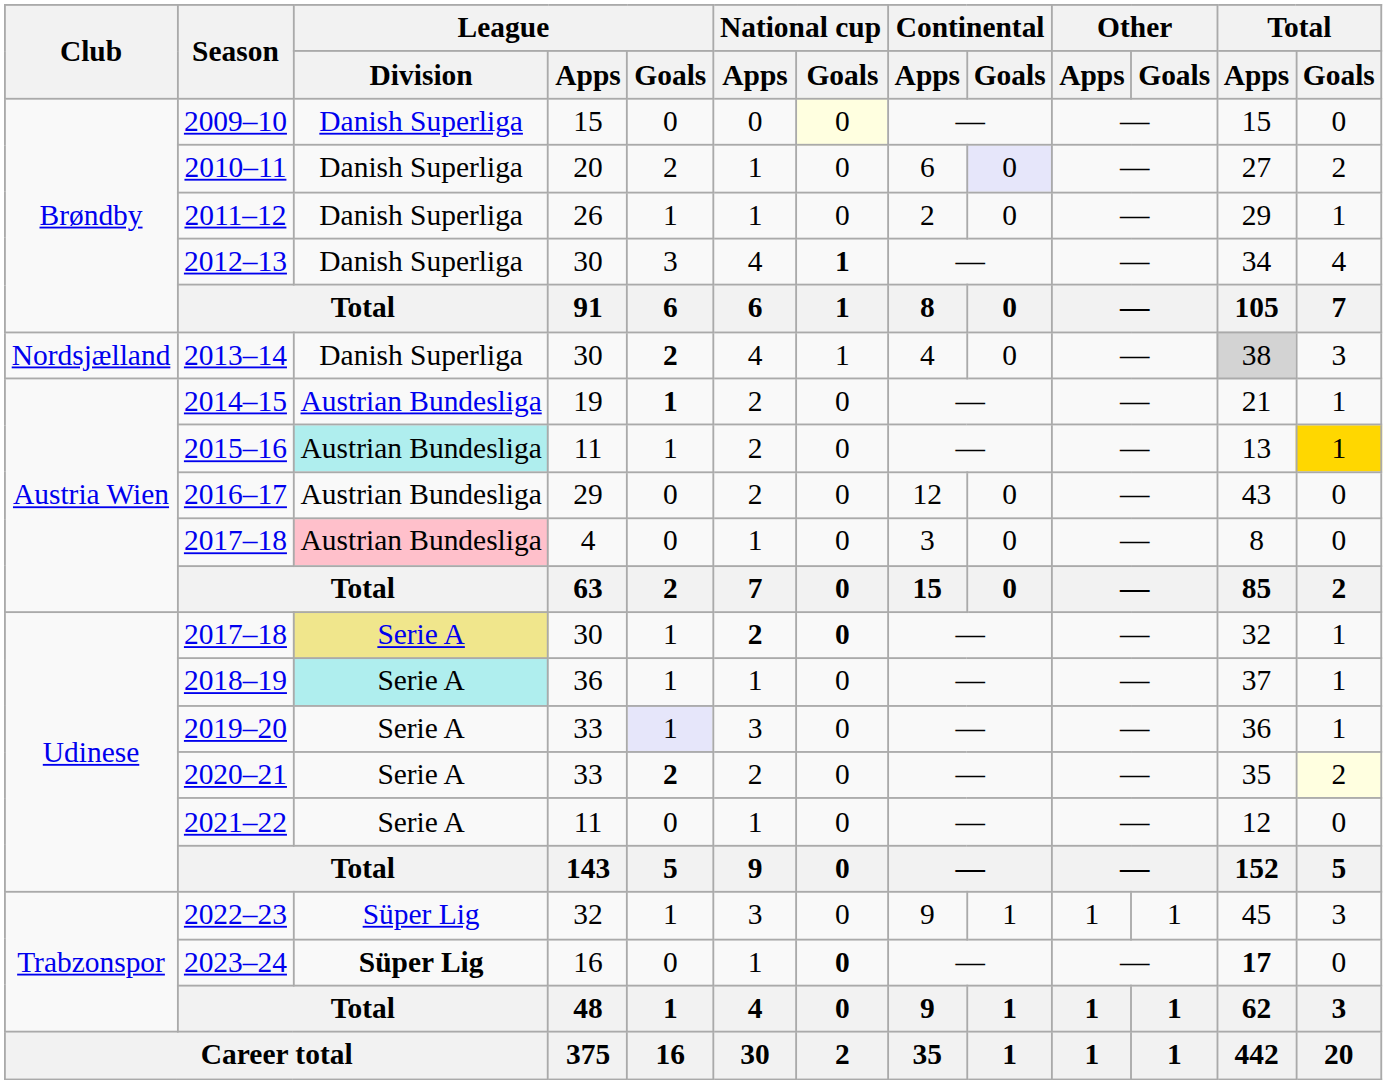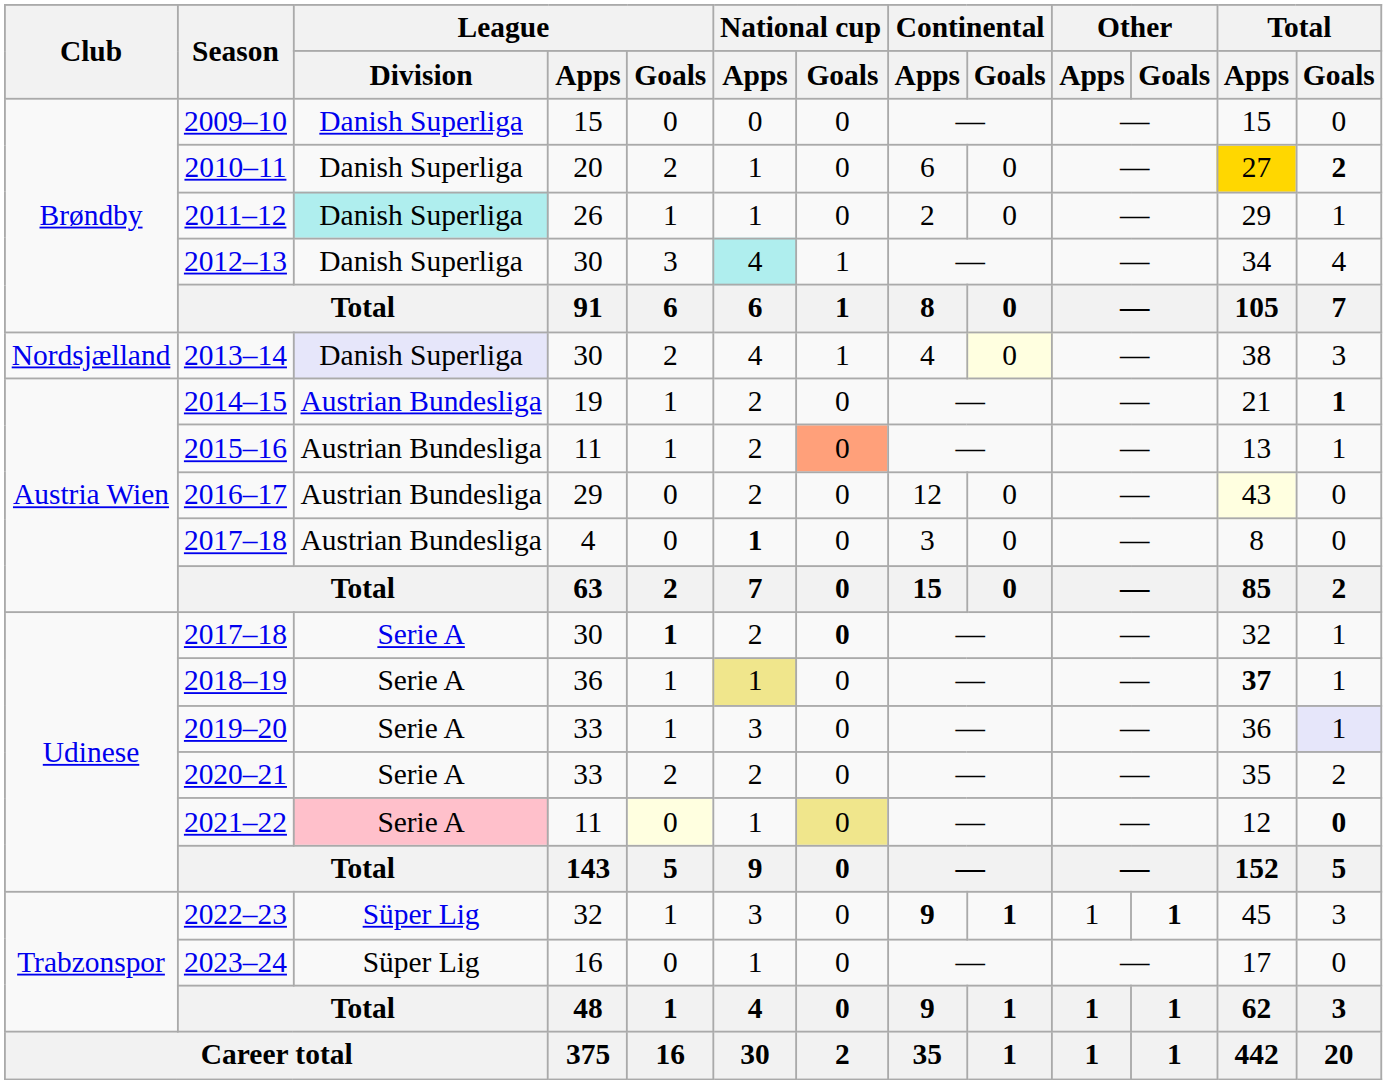 <table class="wikitable" style="text-align: center;">
 <tr>
 <th rowspan="2">Club</th>
 <th rowspan="2">Season</th>
 <th colspan="3">League</th>
 <th colspan="2">National cup</th>
 <th colspan="2">Continental</th>
 <th colspan="2">Other</th>
 <th colspan="2">Total</th>
 </tr>
 <tr>
 <th>Division</th>
 <th>Apps</th>
 <th>Goals</th>
 <th>Apps</th>
 <th>Goals</th>
 <th>Apps</th>
 <th>Goals</th>
 <th>Apps</th>
 <th>Goals</th>
 <th>Apps</th>
 <th>Goals</th>
 </tr>
 <tr>
 <td rowspan="5"><a href='#'>Brøndby</a></td>
 <td><a href='#'>2009–10</a></td>
 <td><a href='#'>Danish Superliga</a></td>
 <td>15</td>
 <td>0</td>
 <td>0</td>
-<td style="background: lightyellow;">0</td>
+<td>0</td>
 <td colspan="2">—</td>
 <td colspan="2">—</td>
 <td>15</td>
 <td>0</td>
 </tr>
 <tr>
 <td><a href='#'>2010–11</a></td>
 <td>Danish Superliga</td>
 <td>20</td>
 <td>2</td>
 <td>1</td>
 <td>0</td>
 <td>6</td>
-<td style="background: lavender;">0</td>
+<td>0</td>
 <td colspan="2">—</td>
-<td>27</td>
-<td>2</td>
+<td style="background: gold;">27</td>
+<td><strong>2</strong></td>
 </tr>
 <tr>
 <td><a href='#'>2011–12</a></td>
-<td>Danish Superliga</td>
+<td style="background: paleturquoise;">Danish Superliga</td>
 <td>26</td>
 <td>1</td>
 <td>1</td>
 <td>0</td>
 <td>2</td>
 <td>0</td>
 <td colspan="2">—</td>
 <td>29</td>
 <td>1</td>
 </tr>
 <tr>
 <td><a href='#'>2012–13</a></td>
 <td>Danish Superliga</td>
 <td>30</td>
 <td>3</td>
-<td>4</td>
-<td><strong>1</strong></td>
+<td style="background: paleturquoise;">4</td>
+<td>1</td>
 <td colspan="2">—</td>
 <td colspan="2">—</td>
 <td>34</td>
 <td>4</td>
 </tr>
 <tr>
 <th colspan="2">Total</th>
 <th>91</th>
 <th>6</th>
 <th>6</th>
 <th>1</th>
 <th>8</th>
 <th>0</th>
 <th colspan="2">—</th>
 <th>105</th>
 <th>7</th>
 </tr>
 <tr>
 <td><a href='#'>Nordsjælland</a></td>
 <td><a href='#'>2013–14</a></td>
-<td>Danish Superliga</td>
+<td style="background: lavender;">Danish Superliga</td>
 <td>30</td>
-<td><strong>2</strong></td>
+<td>2</td>
 <td>4</td>
 <td>1</td>
 <td>4</td>
-<td>0</td>
+<td style="background: lightyellow;">0</td>
 <td colspan="2">—</td>
-<td style="background: lightgrey;">38</td>
+<td>38</td>
 <td>3</td>
 </tr>
 <tr>
 <td rowspan="5"><a href='#'>Austria Wien</a></td>
 <td><a href='#'>2014–15</a></td>
 <td><a href='#'>Austrian Bundesliga</a></td>
 <td>19</td>
-<td><strong>1</strong></td>
+<td>1</td>
 <td>2</td>
 <td>0</td>
 <td colspan="2">—</td>
 <td colspan="2">—</td>
 <td>21</td>
-<td>1</td>
+<td><strong>1</strong></td>
 </tr>
 <tr>
 <td><a href='#'>2015–16</a></td>
-<td style="background: paleturquoise;">Austrian Bundesliga</td>
+<td>Austrian Bundesliga</td>
 <td>11</td>
 <td>1</td>
 <td>2</td>
-<td>0</td>
+<td style="background: lightsalmon;">0</td>
 <td colspan="2">—</td>
 <td colspan="2">—</td>
 <td>13</td>
-<td style="background: gold;">1</td>
+<td>1</td>
 </tr>
 <tr>
 <td><a href='#'>2016–17</a></td>
 <td>Austrian Bundesliga</td>
 <td>29</td>
 <td>0</td>
 <td>2</td>
 <td>0</td>
 <td>12</td>
 <td>0</td>
 <td colspan="2">—</td>
-<td>43</td>
+<td style="background: lightyellow;">43</td>
 <td>0</td>
 </tr>
 <tr>
 <td><a href='#'>2017–18</a></td>
-<td style="background: pink;">Austrian Bundesliga</td>
+<td>Austrian Bundesliga</td>
 <td>4</td>
 <td>0</td>
-<td>1</td>
+<td><strong>1</strong></td>
 <td>0</td>
 <td>3</td>
 <td>0</td>
 <td colspan="2">—</td>
 <td>8</td>
 <td>0</td>
 </tr>
 <tr>
 <th colspan="2">Total</th>
 <th>63</th>
 <th>2</th>
 <th>7</th>
 <th>0</th>
 <th>15</th>
 <th>0</th>
 <th colspan="2">—</th>
 <th>85</th>
 <th>2</th>
 </tr>
 <tr>
 <td rowspan="6"><a href='#'>Udinese</a></td>
 <td><a href='#'>2017–18</a></td>
-<td style="background: khaki;"><a href='#'>Serie A</a></td>
+<td><a href='#'>Serie A</a></td>
 <td>30</td>
-<td>1</td>
-<td><strong>2</strong></td>
+<td><strong>1</strong></td>
+<td>2</td>
 <td><strong>0</strong></td>
 <td colspan="2">—</td>
 <td colspan="2">—</td>
 <td>32</td>
 <td>1</td>
 </tr>
 <tr>
 <td><a href='#'>2018–19</a></td>
-<td style="background: paleturquoise;">Serie A</td>
+<td>Serie A</td>
 <td>36</td>
 <td>1</td>
-<td>1</td>
+<td style="background: khaki;">1</td>
 <td>0</td>
 <td colspan="2">—</td>
 <td colspan="2">—</td>
-<td>37</td>
+<td><strong>37</strong></td>
 <td>1</td>
 </tr>
 <tr>
 <td><a href='#'>2019–20</a></td>
 <td>Serie A</td>
 <td>33</td>
-<td style="background: lavender;">1</td>
+<td>1</td>
 <td>3</td>
 <td>0</td>
 <td colspan="2">—</td>
 <td colspan="2">—</td>
 <td>36</td>
-<td>1</td>
+<td style="background: lavender;">1</td>
 </tr>
 <tr>
 <td><a href='#'>2020–21</a></td>
 <td>Serie A</td>
 <td>33</td>
-<td><strong>2</strong></td>
+<td>2</td>
 <td>2</td>
 <td>0</td>
 <td colspan="2">—</td>
 <td colspan="2">—</td>
 <td>35</td>
-<td style="background: lightyellow;">2</td>
+<td>2</td>
 </tr>
 <tr>
 <td><a href='#'>2021–22</a></td>
-<td>Serie A</td>
+<td style="background: pink;">Serie A</td>
 <td>11</td>
-<td>0</td>
+<td style="background: lightyellow;">0</td>
 <td>1</td>
-<td>0</td>
+<td style="background: khaki;">0</td>
 <td colspan="2">—</td>
 <td colspan="2">—</td>
 <td>12</td>
-<td>0</td>
+<td><strong>0</strong></td>
 </tr>
 <tr>
 <th colspan="2">Total</th>
 <th>143</th>
 <th>5</th>
 <th>9</th>
 <th>0</th>
 <th colspan="2">—</th>
 <th colspan="2">—</th>
 <th>152</th>
 <th>5</th>
 </tr>
 <tr>
 <td rowspan="3"><a href='#'>Trabzonspor</a></td>
 <td><a href='#'>2022–23</a></td>
 <td><a href='#'>Süper Lig</a></td>
 <td>32</td>
 <td>1</td>
 <td>3</td>
 <td>0</td>
-<td>9</td>
+<td><strong>9</strong></td>
+<td><strong>1</strong></td>
 <td>1</td>
-<td>1</td>
-<td>1</td>
+<td><strong>1</strong></td>
 <td>45</td>
 <td>3</td>
 </tr>
 <tr>
 <td><a href='#'>2023–24</a></td>
-<td><strong>Süper Lig</strong></td>
+<td>Süper Lig</td>
 <td>16</td>
 <td>0</td>
 <td>1</td>
-<td><strong>0</strong></td>
+<td>0</td>
 <td colspan="2">—</td>
 <td colspan="2">—</td>
-<td><strong>17</strong></td>
+<td>17</td>
 <td>0</td>
 </tr>
 <tr>
 <th colspan="2">Total</th>
 <th>48</th>
 <th>1</th>
 <th>4</th>
 <th>0</th>
 <th>9</th>
 <th>1</th>
 <th>1</th>
 <th>1</th>
 <th>62</th>
 <th>3</th>
 </tr>
 <tr>
 <th colspan="3">Career total</th>
 <th>375</th>
 <th>16</th>
 <th>30</th>
 <th>2</th>
 <th>35</th>
 <th>1</th>
 <th>1</th>
 <th>1</th>
 <th>442</th>
 <th>20</th>
 </tr>
 </table>
